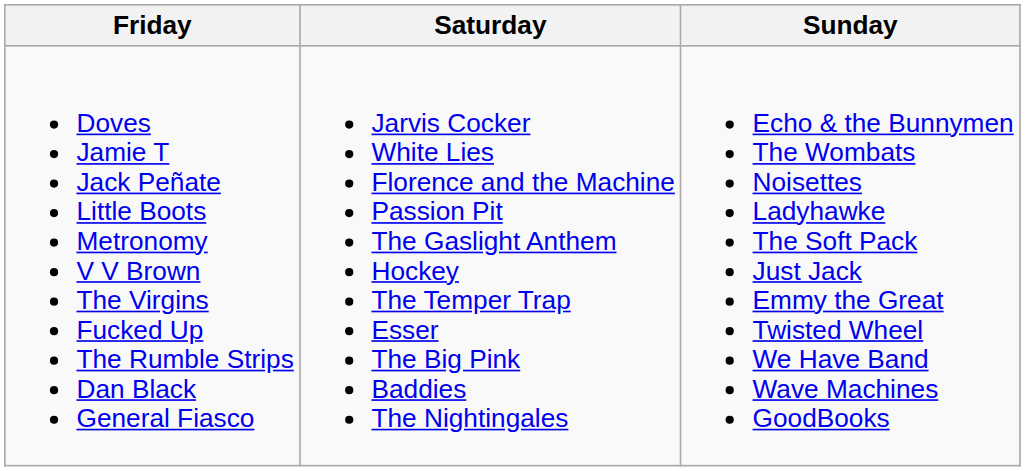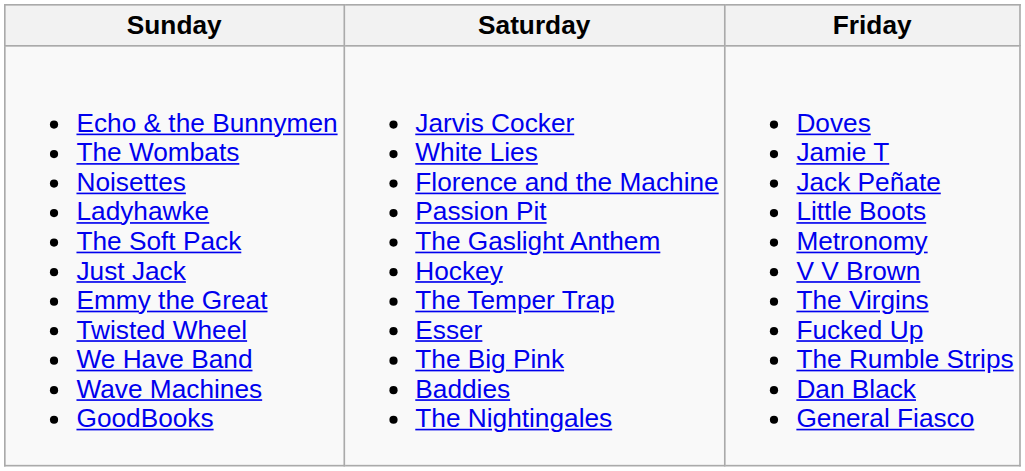 <table class="wikitable">
 <tr>
+<th>Sunday</th>
+<th>Saturday</th>
 <th>Friday</th>
-<th>Saturday</th>
-<th>Sunday</th>
 </tr>
 <tr valign="top">
+<td><br><ul><li><a href='#'>Echo & the Bunnymen</a></li><li><a href='#'>The Wombats</a></li><li><a href='#'>Noisettes</a></li><li><a href='#'>Ladyhawke</a></li><li><a href='#'>The Soft Pack</a></li><li><a href='#'>Just Jack</a></li><li><a href='#'>Emmy the Great</a></li><li><a href='#'>Twisted Wheel</a></li><li><a href='#'>We Have Band</a></li><li><a href='#'>Wave Machines</a></li><li><a href='#'>GoodBooks</a></li></ul></td>
+<td><br><ul><li><a href='#'>Jarvis Cocker</a></li><li><a href='#'>White Lies</a></li><li><a href='#'>Florence and the Machine</a></li><li><a href='#'>Passion Pit</a></li><li><a href='#'>The Gaslight Anthem</a></li><li><a href='#'>Hockey</a></li><li><a href='#'>The Temper Trap</a></li><li><a href='#'>Esser</a></li><li><a href='#'>The Big Pink</a></li><li><a href='#'>Baddies</a></li><li><a href='#'>The Nightingales</a></li></ul></td>
 <td><br><ul><li><a href='#'>Doves</a></li><li><a href='#'>Jamie T</a></li><li><a href='#'>Jack Peñate</a></li><li><a href='#'>Little Boots</a></li><li><a href='#'>Metronomy</a></li><li><a href='#'>V V Brown</a></li><li><a href='#'>The Virgins</a></li><li><a href='#'>Fucked Up</a></li><li><a href='#'>The Rumble Strips</a></li><li><a href='#'>Dan Black</a></li><li><a href='#'>General Fiasco</a></li></ul></td>
-<td><br><ul><li><a href='#'>Jarvis Cocker</a></li><li><a href='#'>White Lies</a></li><li><a href='#'>Florence and the Machine</a></li><li><a href='#'>Passion Pit</a></li><li><a href='#'>The Gaslight Anthem</a></li><li><a href='#'>Hockey</a></li><li><a href='#'>The Temper Trap</a></li><li><a href='#'>Esser</a></li><li><a href='#'>The Big Pink</a></li><li><a href='#'>Baddies</a></li><li><a href='#'>The Nightingales</a></li></ul></td>
-<td><br><ul><li><a href='#'>Echo & the Bunnymen</a></li><li><a href='#'>The Wombats</a></li><li><a href='#'>Noisettes</a></li><li><a href='#'>Ladyhawke</a></li><li><a href='#'>The Soft Pack</a></li><li><a href='#'>Just Jack</a></li><li><a href='#'>Emmy the Great</a></li><li><a href='#'>Twisted Wheel</a></li><li><a href='#'>We Have Band</a></li><li><a href='#'>Wave Machines</a></li><li><a href='#'>GoodBooks</a></li></ul></td>
 </tr>
 </table>
